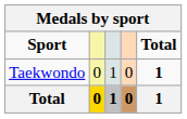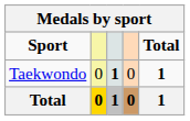 <table class="wikitable" style=font-size:85%;float:center;text-align:center>
 <tr style="background:#efefef;">
 <th colspan=5><strong>Medals by sport</strong></th>
 </tr>
 <tr align=center>
 <td><strong>Sport</strong></td>
 <td bgcolor=#f7f6a8></td>
 <td bgcolor=#dce5e5></td>
 <td bgcolor=#ffdab9></td>
 <td><strong>Total</strong></td>
 </tr>
 <tr align=center>
 <td><a href='#'>Taekwondo</a></td>
 <td style="background:#F7F6A8;">0</td>
-<td style="background:#DCE5E5;">1</td>
+<td style="background:#DCE5E5;"><strong>1</strong></td>
 <td style="background:#FFDAB9;">0</td>
 <td><strong>1</strong></td>
 </tr>
 <tr align=center>
 <th><strong>Total</strong></th>
 <th style="background:gold;"><strong>0</strong></th>
 <th style="background:silver;"><strong>1</strong></th>
 <th style="background:#c96;"><strong>0</strong></th>
 <th><strong>1</strong></th>
 </tr>
 </table>
